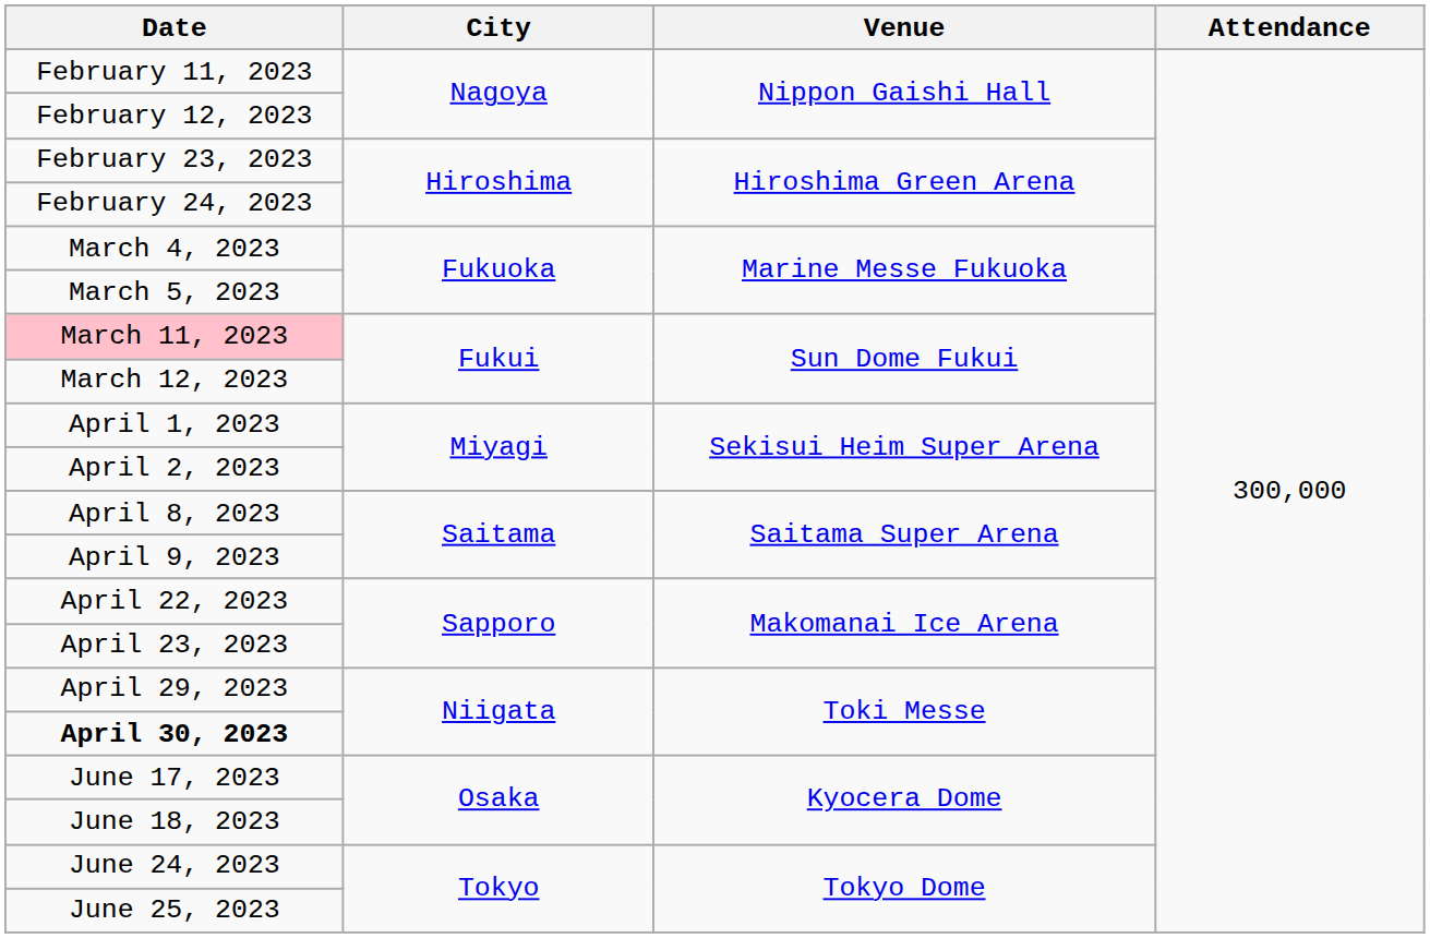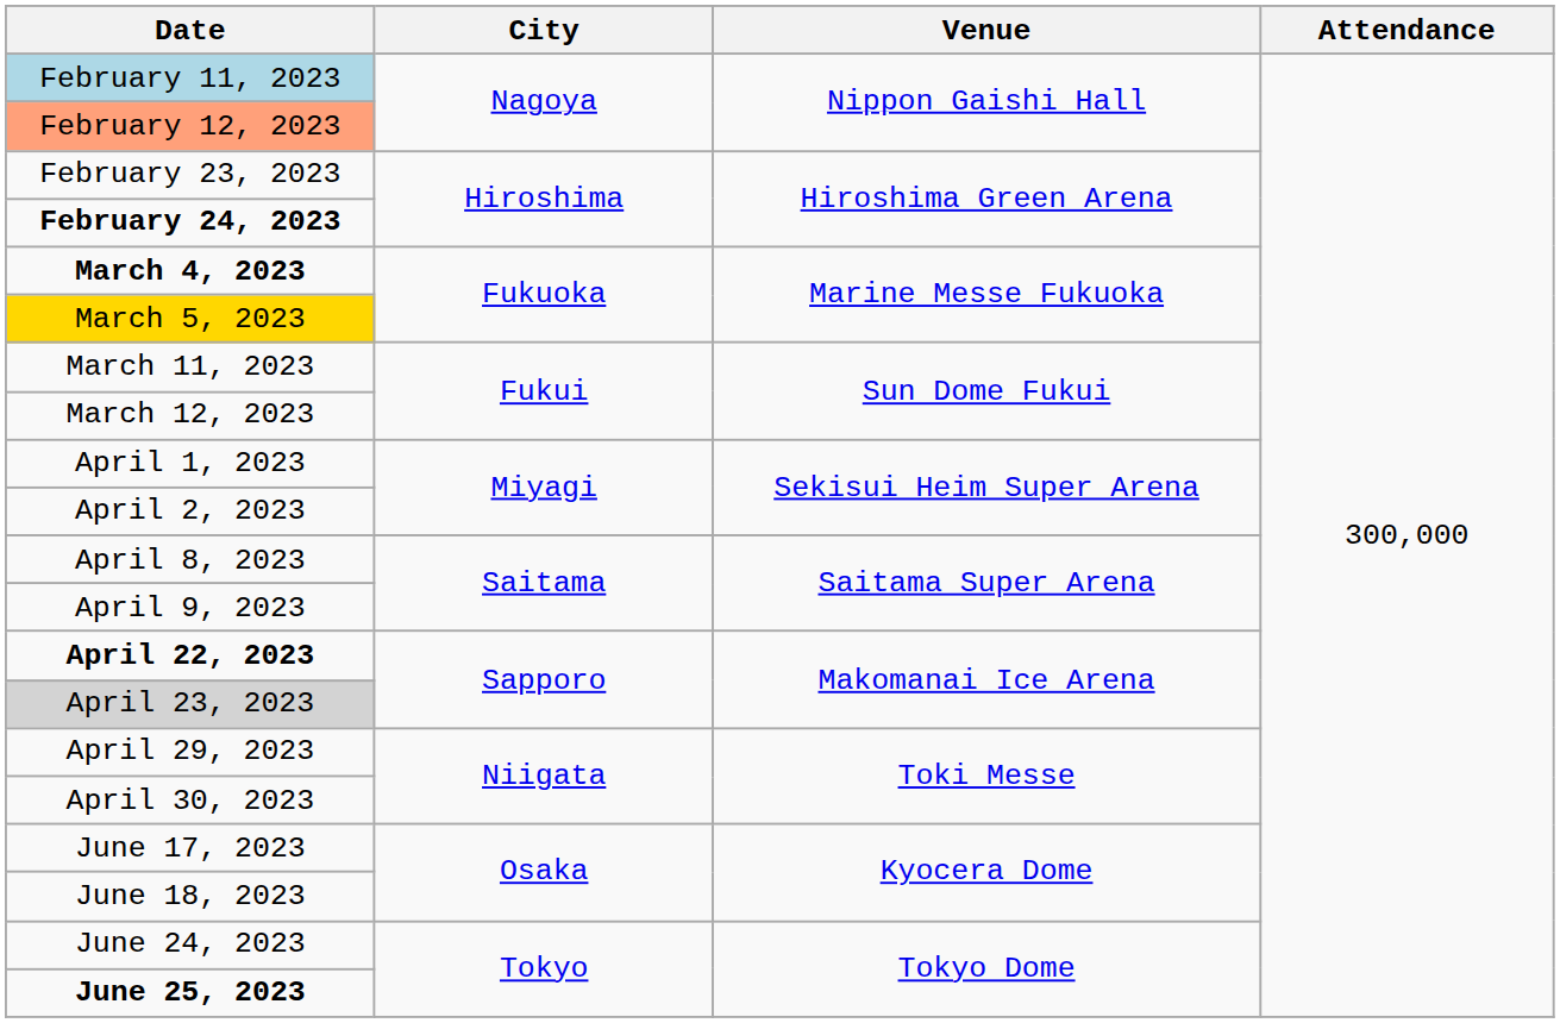 <table class="wikitable" style="text-align:center;">
 <tr>
 <th scope="col" style="width:12em;">Date</th>
 <th scope="col" style="width:11em;">City</th>
 <th scope="col" style="width:18em;">Venue</th>
 <th scope="col" style="width:9.5em;">Attendance</th>
 </tr>
 <tr>
-<td>February 11, 2023</td>
+<td style="background: lightblue;">February 11, 2023</td>
 <td rowspan="2"><a href='#'>Nagoya</a></td>
 <td rowspan="2"><a href='#'>Nippon Gaishi Hall</a></td>
 <td rowspan="20">300,000</td>
 </tr>
 <tr>
-<td>February 12, 2023</td>
+<td style="background: lightsalmon;">February 12, 2023</td>
 </tr>
 <tr>
 <td>February 23, 2023</td>
 <td rowspan="2"><a href='#'>Hiroshima</a></td>
 <td rowspan="2"><a href='#'>Hiroshima Green Arena</a></td>
 </tr>
 <tr>
-<td>February 24, 2023</td>
+<td><strong>February 24, 2023</strong></td>
 </tr>
 <tr>
-<td>March 4, 2023</td>
+<td><strong>March 4, 2023</strong></td>
 <td rowspan="2"><a href='#'>Fukuoka</a></td>
 <td rowspan="2"><a href='#'>Marine Messe Fukuoka</a></td>
 </tr>
 <tr>
-<td>March 5, 2023</td>
+<td style="background: gold;">March 5, 2023</td>
 </tr>
 <tr>
-<td style="background: pink;">March 11, 2023</td>
+<td>March 11, 2023</td>
 <td rowspan="2"><a href='#'>Fukui</a></td>
 <td rowspan="2"><a href='#'>Sun Dome Fukui</a></td>
 </tr>
 <tr>
 <td>March 12, 2023</td>
 </tr>
 <tr>
 <td>April 1, 2023</td>
 <td rowspan="2"><a href='#'>Miyagi</a></td>
 <td rowspan="2"><a href='#'>Sekisui Heim Super Arena</a></td>
 </tr>
 <tr>
 <td>April 2, 2023</td>
 </tr>
 <tr>
 <td>April 8, 2023</td>
 <td rowspan="2"><a href='#'>Saitama</a></td>
 <td rowspan="2"><a href='#'>Saitama Super Arena</a></td>
 </tr>
 <tr>
 <td>April 9, 2023</td>
 </tr>
 <tr>
-<td>April 22, 2023</td>
+<td><strong>April 22, 2023</strong></td>
 <td rowspan="2"><a href='#'>Sapporo</a></td>
 <td rowspan="2"><a href='#'>Makomanai Ice Arena</a></td>
 </tr>
 <tr>
-<td>April 23, 2023</td>
+<td style="background: lightgrey;">April 23, 2023</td>
 </tr>
 <tr>
 <td>April 29, 2023</td>
 <td rowspan="2"><a href='#'>Niigata</a></td>
 <td rowspan="2"><a href='#'>Toki Messe</a></td>
 </tr>
 <tr>
-<td><strong>April 30, 2023</strong></td>
+<td>April 30, 2023</td>
 </tr>
 <tr>
 <td>June 17, 2023</td>
 <td rowspan="2"><a href='#'>Osaka</a></td>
 <td rowspan="2"><a href='#'>Kyocera Dome</a></td>
 </tr>
 <tr>
 <td>June 18, 2023</td>
 </tr>
 <tr>
 <td>June 24, 2023</td>
 <td rowspan="2"><a href='#'>Tokyo</a></td>
 <td rowspan="2"><a href='#'>Tokyo Dome</a></td>
 </tr>
 <tr>
-<td>June 25, 2023</td>
+<td><strong>June 25, 2023</strong></td>
 </tr>
 </table>
